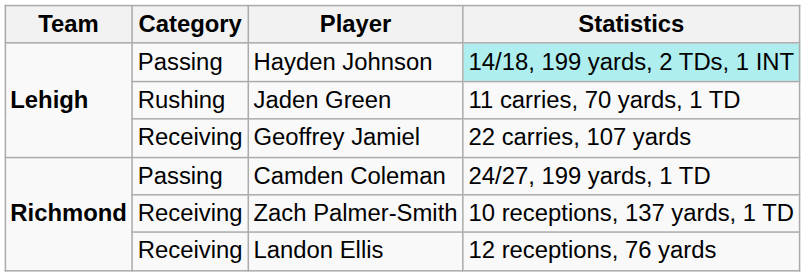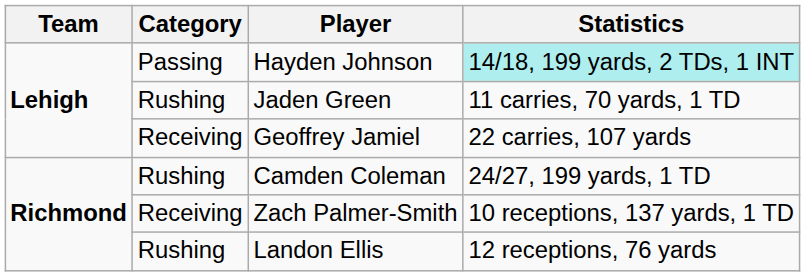 <table class="wikitable" style="float: right;">
 <tr>
 <th>Team</th>
 <th>Category</th>
 <th>Player</th>
 <th>Statistics</th>
 </tr>
 <tr>
 <td rowspan=3><strong>Lehigh</strong></td>
 <td>Passing</td>
 <td>Hayden Johnson</td>
 <td style="background: paleturquoise;">14/18, 199 yards, 2 TDs, 1 INT</td>
 </tr>
 <tr>
 <td>Rushing</td>
 <td>Jaden Green</td>
 <td>11 carries, 70 yards, 1 TD</td>
 </tr>
 <tr>
 <td>Receiving</td>
 <td>Geoffrey Jamiel</td>
 <td>22 carries, 107 yards</td>
 </tr>
 <tr>
 <td rowspan=3><strong>Richmond</strong></td>
-<td>Passing</td>
+<td>Rushing</td>
 <td>Camden Coleman</td>
 <td>24/27, 199 yards, 1 TD</td>
 </tr>
 <tr>
 <td>Receiving</td>
 <td>Zach Palmer-Smith</td>
 <td>10 receptions, 137 yards, 1 TD</td>
 </tr>
 <tr>
-<td>Receiving</td>
+<td>Rushing</td>
 <td>Landon Ellis</td>
 <td>12 receptions, 76 yards</td>
 </tr>
 </table>
